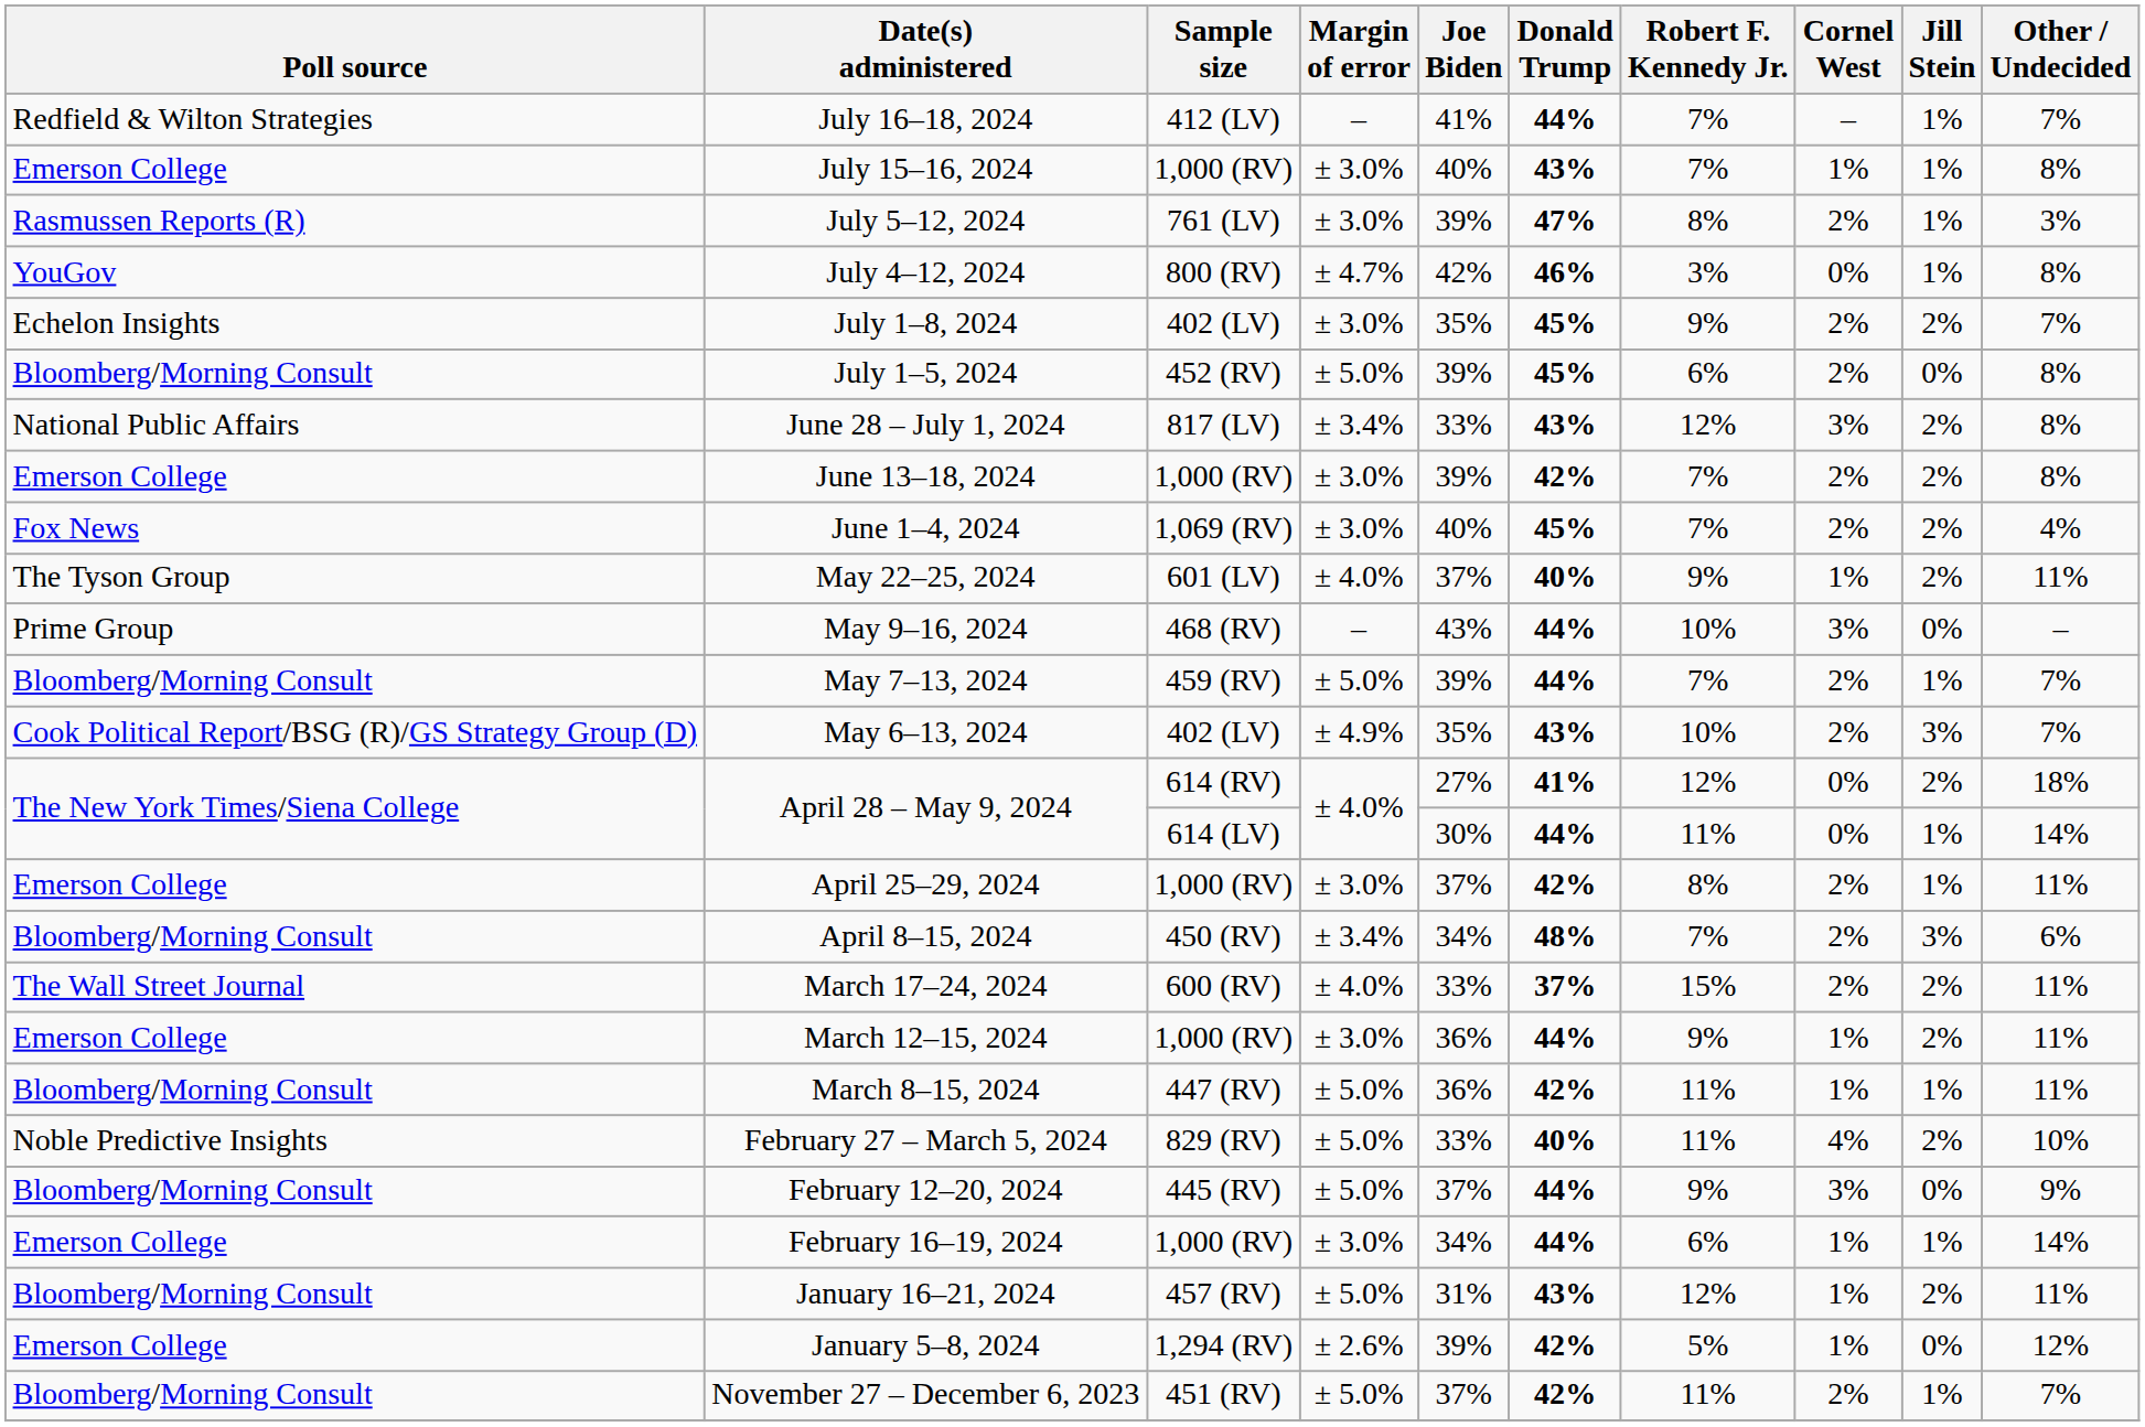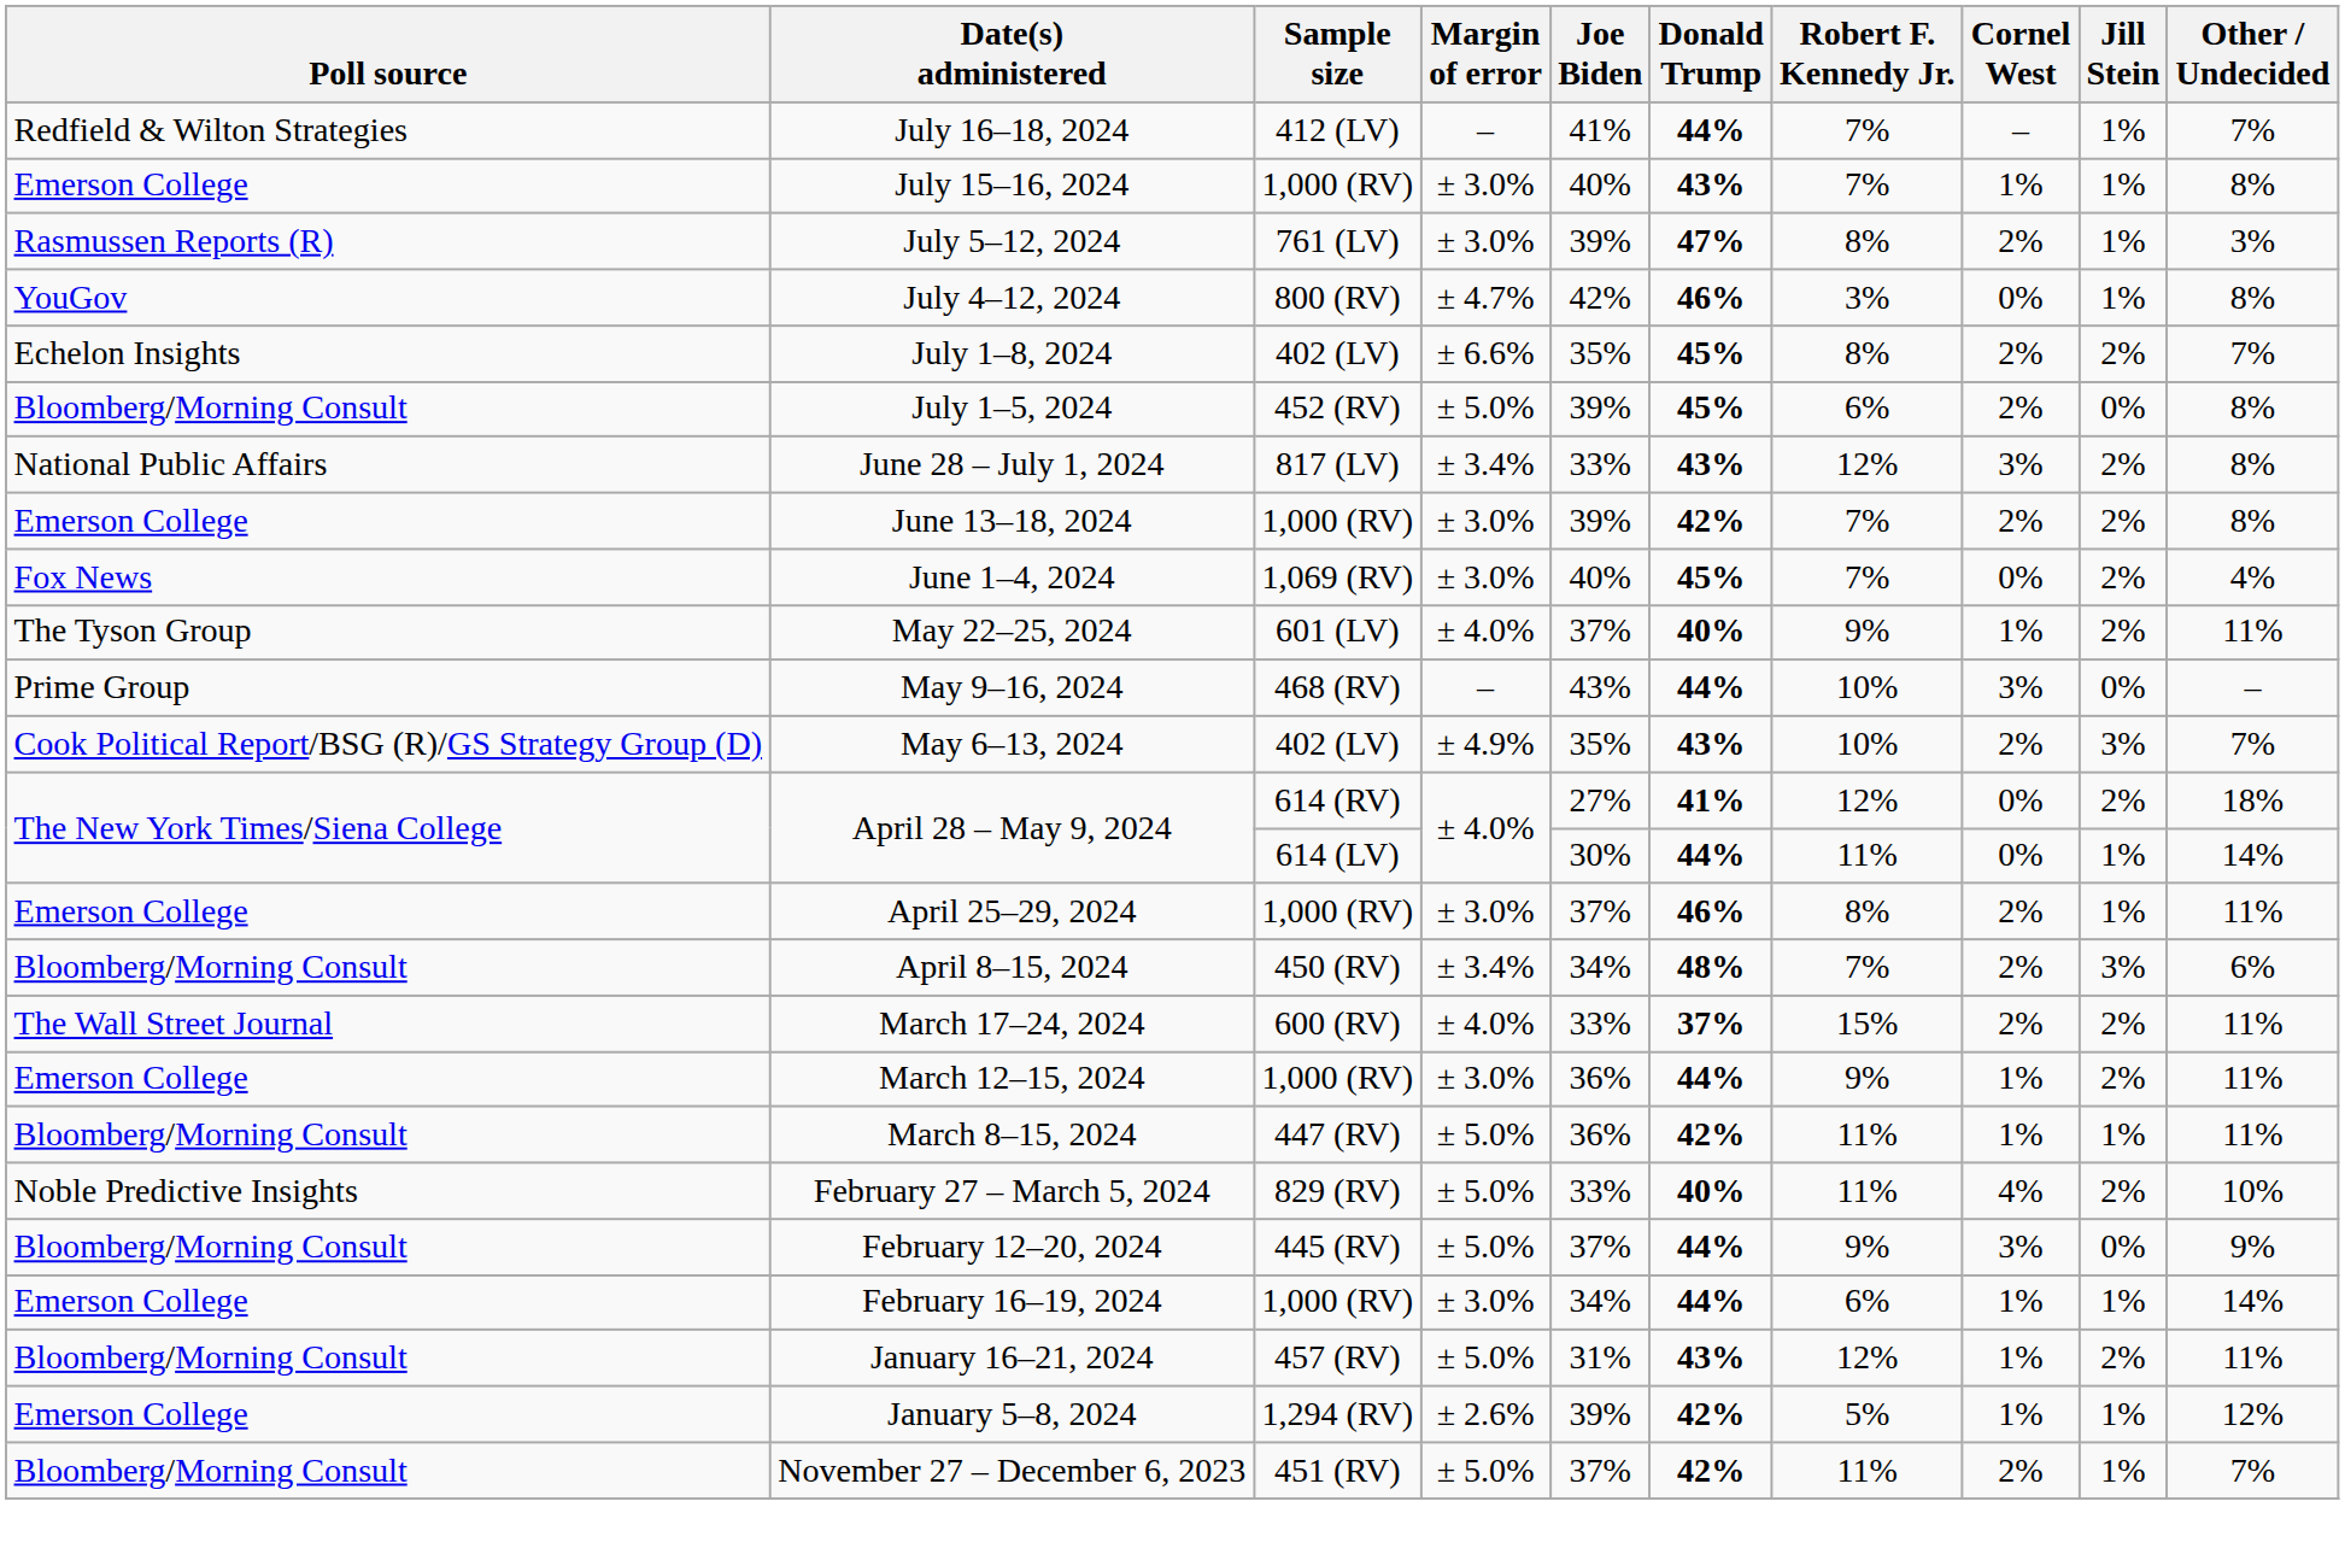 <table class="wikitable sortable mw-datatable" style="font-size:90%;text-align:center;line-height:17px">
 <tr valign=bottom>
 <th>Poll source</th>
 <th>Date(s)<br>administered</th>
 <th>Sample<br>size</th>
 <th>Margin<br>of error</th>
 <th class="unsortable">Joe<br>Biden<br></th>
 <th class="unsortable">Donald<br>Trump<br></th>
 <th class="unsortable">Robert F.<br>Kennedy Jr.<br></th>
 <th class="unsortable">Cornel<br>West<br></th>
 <th class="unsortable">Jill<br>Stein<br></th>
 <th class="unsortable">Other /<br>Undecided</th>
 </tr>
 <tr>
 <td style="text-align:left;">Redfield & Wilton Strategies</td>
 <td data-sort-value="2024-07-18">July 16–18, 2024</td>
 <td>412 (LV)</td>
 <td>–</td>
 <td>41%</td>
 <td style="background-color:"><strong>44%</strong></td>
 <td>7%</td>
 <td>–</td>
 <td>1%</td>
 <td>7%</td>
 </tr>
 <tr>
 <td style="text-align:left;"><a href='#'>Emerson College</a></td>
 <td data-sort-value="2024-07-18">July 15–16, 2024</td>
 <td>1,000 (RV)</td>
 <td>± 3.0%</td>
 <td>40%</td>
 <td style="background-color:"><strong>43%</strong></td>
 <td>7%</td>
 <td>1%</td>
 <td>1%</td>
 <td>8%</td>
 </tr>
 <tr>
 <td style="text-align:left;"><a href='#'>Rasmussen Reports (R)</a></td>
 <td data-sort-value="2024-07-19">July 5–12, 2024</td>
 <td>761 (LV)</td>
 <td>± 3.0%</td>
 <td>39%</td>
 <td style="background-color:"><strong>47%</strong></td>
 <td>8%</td>
 <td>2%</td>
 <td>1%</td>
 <td>3%</td>
 </tr>
 <tr>
 <td style="text-align:left;"><a href='#'>YouGov</a></td>
 <td data-sort-value="2024-07-15">July 4–12, 2024</td>
 <td>800 (RV)</td>
 <td>± 4.7%</td>
 <td>42%</td>
 <td style="background-color:"><strong>46%</strong></td>
 <td>3%</td>
 <td>0%</td>
 <td>1%</td>
 <td>8%</td>
 </tr>
 <tr>
 <td style="text-align:left;">Echelon Insights</td>
 <td data-sort-value="2024-07-08">July 1–8, 2024</td>
 <td>402 (LV)</td>
-<td>± 3.0%</td>
+<td>± 6.6%</td>
 <td>35%</td>
 <td style="background-color:"><strong>45%</strong></td>
-<td>9%</td>
+<td>8%</td>
 <td>2%</td>
 <td>2%</td>
 <td>7%</td>
 </tr>
 <tr>
 <td style="text-align:left;"><a href='#'>Bloomberg</a>/<a href='#'>Morning Consult</a></td>
 <td data-sort-value="2024-07-06">July 1–5, 2024</td>
 <td>452 (RV)</td>
 <td>± 5.0%</td>
 <td>39%</td>
 <td style="background-color:"><strong>45%</strong></td>
 <td>6%</td>
 <td>2%</td>
 <td>0%</td>
 <td>8%</td>
 </tr>
 <tr>
 <td style="text-align:left;">National Public Affairs</td>
 <td data-sort-value="2024-07-03">June 28 – July 1, 2024</td>
 <td>817 (LV)</td>
 <td>± 3.4%</td>
 <td>33%</td>
 <td style="background-color:"><strong>43%</strong></td>
 <td>12%</td>
 <td>3%</td>
 <td>2%</td>
 <td>8%</td>
 </tr>
 <tr>
 <td style="text-align:left;"><a href='#'>Emerson College</a></td>
 <td data-sort-value="2024-06-20">June 13–18, 2024</td>
 <td>1,000 (RV)</td>
 <td>± 3.0%</td>
 <td>39%</td>
 <td style="background-color:"><strong>42%</strong></td>
 <td>7%</td>
 <td>2%</td>
 <td>2%</td>
 <td>8%</td>
 </tr>
 <tr>
 <td style="text-align:left;"><a href='#'>Fox News</a></td>
 <td data-sort-value="2024-06-06">June 1–4, 2024</td>
 <td>1,069 (RV)</td>
 <td>± 3.0%</td>
 <td>40%</td>
 <td style="background-color:"><strong>45%</strong></td>
 <td>7%</td>
-<td>2%</td>
+<td>0%</td>
 <td>2%</td>
 <td>4%</td>
 </tr>
 <tr>
 <td style="text-align:left;">The Tyson Group</td>
 <td data-sort-value="2024-05-28">May 22–25, 2024</td>
 <td>601 (LV)</td>
 <td>± 4.0%</td>
 <td>37%</td>
 <td style="background-color:"><strong>40%</strong></td>
 <td>9%</td>
 <td>1%</td>
 <td>2%</td>
 <td>11%</td>
 </tr>
 <tr>
 <td style="text-align:left;">Prime Group</td>
 <td data-sort-value="2024-05-22">May 9–16, 2024</td>
 <td>468 (RV)</td>
 <td>–</td>
 <td>43%</td>
 <td style="background-color:"><strong>44%</strong></td>
 <td>10%</td>
 <td>3%</td>
 <td>0%</td>
 <td>–</td>
-</tr>
-<tr>
-<td style="text-align:left;"><a href='#'>Bloomberg</a>/<a href='#'>Morning Consult</a></td>
-<td data-sort-value="2024-05-22">May 7–13, 2024</td>
-<td>459 (RV)</td>
-<td>± 5.0%</td>
-<td>39%</td>
-<td style="background-color:"><strong>44%</strong></td>
-<td>7%</td>
-<td>2%</td>
-<td>1%</td>
-<td>7%</td>
 </tr>
 <tr>
 <td style="text-align:left;"><a href='#'>Cook Political Report</a>/BSG (R)/<a href='#'>GS Strategy Group (D)</a></td>
 <td data-sort-value="2024-05-23">May 6–13, 2024</td>
 <td>402 (LV)</td>
 <td>± 4.9%</td>
 <td>35%</td>
 <td style="background-color:"><strong>43%</strong></td>
 <td>10%</td>
 <td>2%</td>
 <td>3%</td>
 <td>7%</td>
 </tr>
 <tr>
 <td style="text-align:left;" rowspan="2"><a href='#'>The New York Times</a>/<a href='#'>Siena College</a></td>
 <td rowspan="2">April 28 – May 9, 2024</td>
 <td>614 (RV)</td>
 <td rowspan="2">± 4.0%</td>
 <td>27%</td>
 <td style="background-color:"><strong>41%</strong></td>
 <td>12%</td>
 <td>0%</td>
 <td>2%</td>
 <td>18%</td>
 </tr>
 <tr>
 <td>614 (LV)</td>
 <td>30%</td>
 <td style="background-color:"><strong>44%</strong></td>
 <td>11%</td>
 <td>0%</td>
 <td>1%</td>
 <td>14%</td>
 </tr>
 <tr>
 <td style="text-align:left;"><a href='#'>Emerson College</a></td>
 <td data-sort-value="2024-04-30">April 25–29, 2024</td>
 <td>1,000 (RV)</td>
 <td>± 3.0%</td>
 <td>37%</td>
-<td style="background-color:"><strong>42%</strong></td>
+<td style="background-color:"><strong>46%</strong></td>
 <td>8%</td>
 <td>2%</td>
 <td>1%</td>
 <td>11%</td>
 </tr>
 <tr>
 <td style="text-align:left;"><a href='#'>Bloomberg</a>/<a href='#'>Morning Consult</a></td>
 <td data-sort-value="2024-04-24">April 8–15, 2024</td>
 <td>450 (RV)</td>
 <td>± 3.4%</td>
 <td>34%</td>
 <td style="background-color:"><strong>48%</strong></td>
 <td>7%</td>
 <td>2%</td>
 <td>3%</td>
 <td>6%</td>
 </tr>
 <tr>
 <td style="text-align:left;"><a href='#'>The Wall Street Journal</a></td>
 <td data-sort-value="2024-04-02">March 17–24, 2024</td>
 <td>600 (RV)</td>
 <td>± 4.0%</td>
 <td>33%</td>
 <td style="background-color:"><strong>37%</strong></td>
 <td>15%</td>
 <td>2%</td>
 <td>2%</td>
 <td>11%</td>
 </tr>
 <tr>
 <td style="text-align:left;"><a href='#'>Emerson College</a></td>
 <td data-sort-value="2024-03-20">March 12–15, 2024</td>
 <td>1,000 (RV)</td>
 <td>± 3.0%</td>
 <td>36%</td>
 <td style="background-color:"><strong>44%</strong></td>
 <td>9%</td>
 <td>1%</td>
 <td>2%</td>
 <td>11%</td>
 </tr>
 <tr>
 <td style="text-align:left;"><a href='#'>Bloomberg</a>/<a href='#'>Morning Consult</a></td>
 <td data-sort-value="2024-03-26">March 8–15, 2024</td>
 <td>447 (RV)</td>
 <td>± 5.0%</td>
 <td>36%</td>
 <td style="background-color:"><strong>42%</strong></td>
 <td>11%</td>
 <td>1%</td>
 <td>1%</td>
 <td>11%</td>
 </tr>
 <tr>
 <td style="text-align:left;">Noble Predictive Insights</td>
 <td data-sort-value="2024-03-14">February 27 – March 5, 2024</td>
 <td>829 (RV)</td>
 <td>± 5.0%</td>
 <td>33%</td>
 <td style="background-color:"><strong>40%</strong></td>
 <td>11%</td>
 <td>4%</td>
 <td>2%</td>
 <td>10%</td>
 </tr>
 <tr>
 <td style="text-align:left;"><a href='#'>Bloomberg</a>/<a href='#'>Morning Consult</a></td>
 <td data-sort-value="2024-02-29">February 12–20, 2024</td>
 <td>445 (RV)</td>
 <td>± 5.0%</td>
 <td>37%</td>
 <td style="background-color:"><strong>44%</strong></td>
 <td>9%</td>
 <td>3%</td>
 <td>0%</td>
 <td>9%</td>
 </tr>
 <tr>
 <td style="text-align:left;"><a href='#'>Emerson College</a></td>
 <td data-sort-value="2024-02-22">February 16–19, 2024</td>
 <td>1,000 (RV)</td>
 <td>± 3.0%</td>
 <td>34%</td>
 <td style="background-color:"><strong>44%</strong></td>
 <td>6%</td>
 <td>1%</td>
 <td>1%</td>
 <td>14%</td>
 </tr>
 <tr>
 <td style="text-align:left;"><a href='#'>Bloomberg</a>/<a href='#'>Morning Consult</a></td>
 <td data-sort-value="2024-01-31">January 16–21, 2024</td>
 <td>457 (RV)</td>
 <td>± 5.0%</td>
 <td>31%</td>
 <td style="background-color:"><strong>43%</strong></td>
 <td>12%</td>
 <td>1%</td>
 <td>2%</td>
 <td>11%</td>
 </tr>
 <tr>
 <td style="text-align:left;"><a href='#'>Emerson College</a></td>
 <td data-sort-value="2024-01-09">January 5–8, 2024</td>
 <td>1,294 (RV)</td>
 <td>± 2.6%</td>
 <td>39%</td>
 <td style="background-color:"><strong>42%</strong></td>
 <td>5%</td>
 <td>1%</td>
-<td>0%</td>
+<td>1%</td>
 <td>12%</td>
 </tr>
 <tr>
 <td style="text-align:left;"><a href='#'>Bloomberg</a>/<a href='#'>Morning Consult</a></td>
 <td data-sort-value="2023-12-14">November 27 – December 6, 2023</td>
 <td>451 (RV)</td>
 <td>± 5.0%</td>
 <td>37%</td>
 <td style="background-color:"><strong>42%</strong></td>
 <td>11%</td>
 <td>2%</td>
 <td>1%</td>
 <td>7%</td>
 </tr>
 <tr>
 </tr>
 </table>
